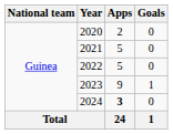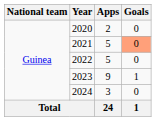 <table class="wikitable" style="text-align:center">
 <tr>
 <th>National team</th>
 <th>Year</th>
 <th>Apps</th>
 <th>Goals</th>
 </tr>
 <tr>
 <td rowspan="5"><a href='#'>Guinea</a></td>
 <td>2020</td>
 <td>2</td>
 <td>0</td>
 </tr>
 <tr>
 <td>2021</td>
 <td>5</td>
-<td>0</td>
+<td style="background: lightsalmon;">0</td>
 </tr>
 <tr>
 <td>2022</td>
 <td>5</td>
 <td>0</td>
 </tr>
 <tr>
 <td>2023</td>
 <td>9</td>
 <td>1</td>
 </tr>
 <tr>
 <td>2024</td>
-<td><strong>3</strong></td>
+<td>3</td>
 <td>0</td>
 </tr>
 <tr>
 <th colspan="2">Total</th>
 <th>24</th>
 <th>1</th>
 </tr>
 </table>
